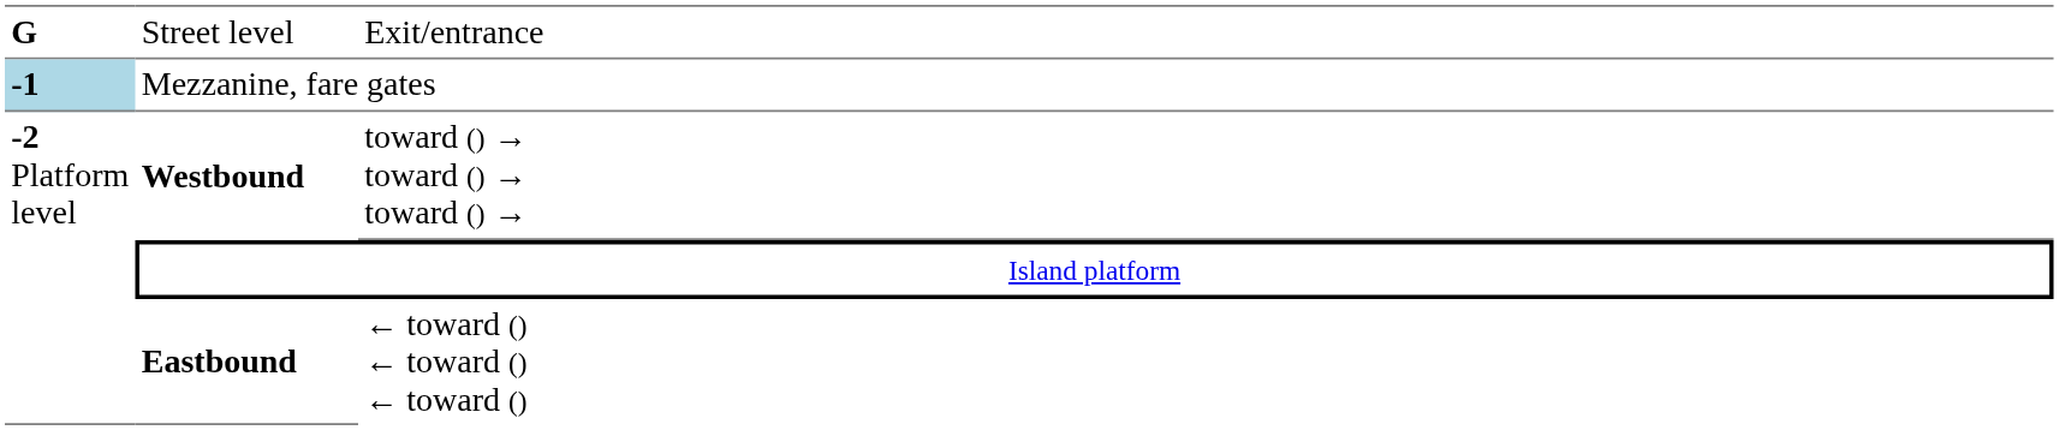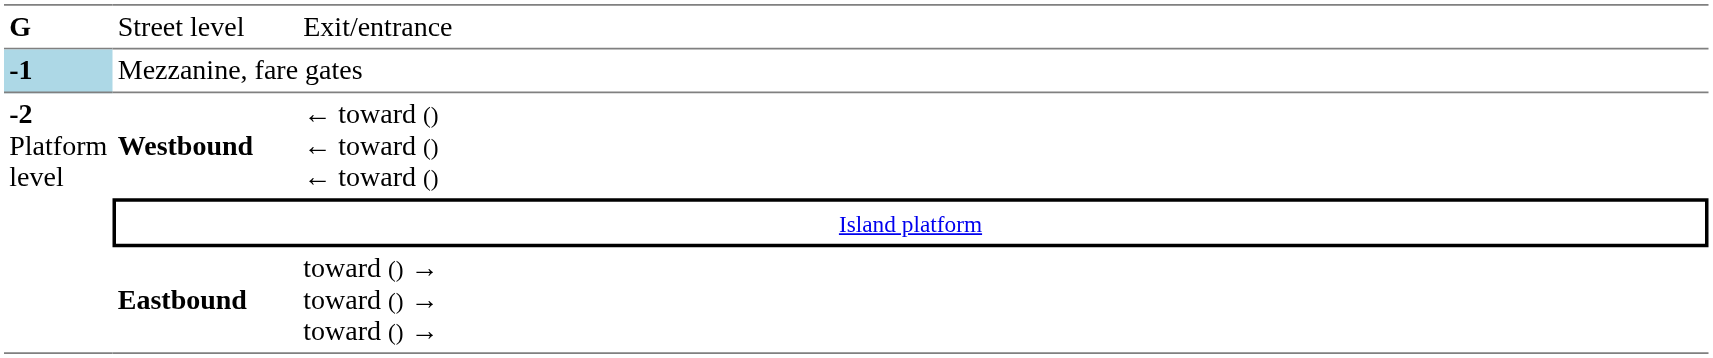 <table border=0 cellspacing=0 cellpadding=3>
 <tr>
 <td style="border-top:solid 1px gray;border-bottom:solid 1px gray;" width=50><strong>G</strong></td>
 <td style="border-top:solid 1px gray;border-bottom:solid 1px gray;" width=100>Street level</td>
 <td style="border-top:solid 1px gray;border-bottom:solid 1px gray;" width=800>Exit/entrance</td>
 </tr>
 <tr>
 <td style="background: lightblue; border-bottom:solid 1px gray;" width=50><strong>-1</strong></td>
 <td style="border-bottom:solid 1px gray;" colspan=2>Mezzanine, fare gates</td>
 </tr>
 <tr>
 <td style="border-bottom:solid 1px gray;" rowspan=4 valign=top><strong>-2</strong><br>Platform level</td>
 <td><strong>Westbound</strong></td>
-<td style="border-bottom:solid 1px gray;">   toward  <small>()</small> → <br>   toward  <small>()</small> → <br>   toward  <small>()</small> → <br></td>
+<td>←   toward  <small>()</small><br>←  toward  <small>()</small><br>←  toward  <small>()</small></td>
 </tr>
 <tr>
 <td style="border-top:solid 2px black;border-right:solid 2px black;border-left:solid 2px black;border-bottom:solid 2px black;text-align:center;" colspan=2><small><a href='#'>Island platform</a> </small></td>
 </tr>
 <tr>
 <td style="border-bottom:solid 1px gray;"><strong>Eastbound</strong></td>
-<td>←   toward  <small>()</small><br>←  toward  <small>()</small><br>←  toward  <small>()</small></td>
+<td style="border-bottom:solid 1px gray;">   toward  <small>()</small> → <br>   toward  <small>()</small> → <br>   toward  <small>()</small> → <br></td>
 </tr>
 <tr>
 </tr>
 </table>
